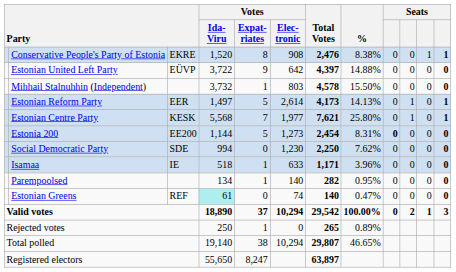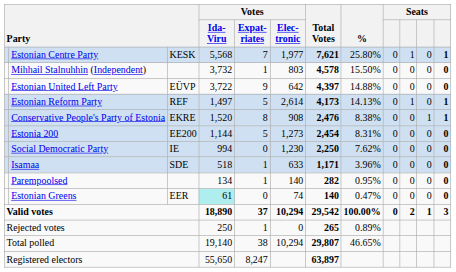 <table class="wikitable" border="1" style="text-align:right;">
 <tr>
 <th style="text-align:left;" valign=bottom rowspan=2 colspan=3>Party</th>
 <th colspan=3>Votes</th>
 <th align=center valign=bottom rowspan=2 width="50">Total Votes</th>
 <th align=center valign=bottom rowspan=2 width="50">%</th>
 <th colspan=4>Seats</th>
 </tr>
 <tr>
 <th align=center valign=bottom width="50"><a href='#'>Ida- Viru</a></th>
 <th align=center valign=bottom width="50"><a href='#'>Expat- riates</a></th>
 <th align=center valign=bottom width="50"><a href='#'>Elec- tronic</a></th>
 <th align=center valign=bottom width="20"><small></small></th>
 <th align=center valign=bottom width="20"><small></small></th>
 <th align=center valign=bottom width="20"><small></small></th>
 <th align=center valign=bottom width="20"><small></small></th>
 </tr>
 <tr style="background:#CEE0F2;">
 <td style="background:"></td>
-<td align=left><a href='#'>Conservative People's Party of Estonia</a></td>
-<td align=left>EKRE</td>
-<td>1,520</td>
-<td>8</td>
-<td>908</td>
-<td><strong>2,476</strong></td>
-<td>8.38%</td>
+<td align=left><a href='#'>Estonian Centre Party</a></td>
+<td align=left>KESK</td>
+<td>5,568</td>
+<td>7</td>
+<td>1,977</td>
+<td><strong>7,621</strong></td>
+<td>25.80%</td>
+<td>0</td>
+<td>1</td>
+<td>0</td>
+<td><strong>1</strong></td>
+</tr>
+<tr>
+<td style="background:"></td>
+<td align=left><a href='#'>Mihhail Stalnuhhin</a> (<a href='#'>Independent</a>)</td>
+<td></td>
+<td>3,732</td>
+<td>1</td>
+<td>803</td>
+<td><strong>4,578</strong></td>
+<td>15.50%</td>
 <td>0</td>
 <td>0</td>
-<td>1</td>
-<td><strong>1</strong></td>
+<td>0</td>
+<td><strong>0</strong></td>
 </tr>
 <tr>
 <td style="background:"></td>
 <td align=left><a href='#'>Estonian United Left Party</a></td>
 <td align=left>EÜVP</td>
 <td>3,722</td>
 <td>9</td>
 <td>642</td>
 <td><strong>4,397</strong></td>
 <td>14.88%</td>
 <td>0</td>
 <td>0</td>
 <td>0</td>
 <td><strong>0</strong></td>
 </tr>
-<tr>
-<td style="background:"></td>
-<td align=left><a href='#'>Mihhail Stalnuhhin</a> (<a href='#'>Independent</a>)</td>
-<td></td>
-<td>3,732</td>
-<td>1</td>
-<td>803</td>
-<td><strong>4,578</strong></td>
-<td>15.50%</td>
-<td>0</td>
-<td>0</td>
-<td>0</td>
-<td><strong>0</strong></td>
-</tr>
 <tr style="background:#CEE0F2;">
 <td style="background:"></td>
 <td align=left><a href='#'>Estonian Reform Party</a></td>
-<td align=left>EER</td>
+<td align=left>REF</td>
 <td>1,497</td>
 <td>5</td>
 <td>2,614</td>
 <td><strong>4,173</strong></td>
 <td>14.13%</td>
 <td>0</td>
 <td>1</td>
 <td>0</td>
 <td><strong>1</strong></td>
 </tr>
 <tr style="background:#CEE0F2;">
 <td style="background:"></td>
-<td align=left><a href='#'>Estonian Centre Party</a></td>
-<td align=left>KESK</td>
-<td>5,568</td>
-<td>7</td>
-<td>1,977</td>
-<td><strong>7,621</strong></td>
-<td>25.80%</td>
+<td align=left><a href='#'>Conservative People's Party of Estonia</a></td>
+<td align=left>EKRE</td>
+<td>1,520</td>
+<td>8</td>
+<td>908</td>
+<td><strong>2,476</strong></td>
+<td>8.38%</td>
+<td>0</td>
 <td>0</td>
 <td>1</td>
-<td>0</td>
 <td><strong>1</strong></td>
 </tr>
 <tr style="background:#CEE0F2;">
 <td style="background:"></td>
 <td align=left><a href='#'>Estonia 200</a></td>
 <td align=left>EE200</td>
 <td>1,144</td>
 <td>5</td>
 <td>1,273</td>
 <td><strong>2,454</strong></td>
 <td>8.31%</td>
-<td><strong>0</strong></td>
+<td>0</td>
 <td>0</td>
 <td>0</td>
 <td><strong>0</strong></td>
 </tr>
 <tr style="background:#CEE0F2;">
 <td style="background:"></td>
 <td align=left><a href='#'>Social Democratic Party</a></td>
-<td align=left>SDE</td>
+<td align=left>IE</td>
 <td>994</td>
 <td>0</td>
 <td>1,230</td>
 <td><strong>2,250</strong></td>
 <td>7.62%</td>
 <td>0</td>
 <td>0</td>
 <td>0</td>
 <td><strong>0</strong></td>
 </tr>
 <tr style="background:#CEE0F2;">
 <td style="background:"></td>
 <td align=left><a href='#'>Isamaa</a></td>
-<td align=left>IE</td>
+<td align=left>SDE</td>
 <td>518</td>
 <td>1</td>
 <td>633</td>
 <td><strong>1,171</strong></td>
 <td>3.96%</td>
 <td>0</td>
 <td>0</td>
 <td>0</td>
 <td><strong>0</strong></td>
 </tr>
 <tr>
 <td style="background:"></td>
 <td align=left><a href='#'>Parempoolsed</a></td>
 <td align=left></td>
 <td>134</td>
 <td>1</td>
 <td>140</td>
 <td><strong>282</strong></td>
 <td>0.95%</td>
 <td>0</td>
 <td>0</td>
 <td>0</td>
 <td><strong>0</strong></td>
 </tr>
 <tr>
 <td style="background:"></td>
 <td align=left><a href='#'>Estonian Greens</a></td>
-<td align=left>REF</td>
+<td align=left>EER</td>
 <td style="background: paleturquoise;">61</td>
 <td>0</td>
 <td>74</td>
 <td><strong>140</strong></td>
 <td>0.47%</td>
 <td>0</td>
 <td>0</td>
 <td>0</td>
 <td><strong>0</strong></td>
 </tr>
 <tr style="font-weight:bold">
 <td align=left colspan=3>Valid votes</td>
 <td>18,890</td>
 <td>37</td>
 <td>10,294</td>
 <td>29,542</td>
 <td>100.00%</td>
 <td>0</td>
 <td>2</td>
 <td>1</td>
 <td>3</td>
 </tr>
 <tr>
 <td align=left colspan=3>Rejected votes</td>
 <td>250</td>
 <td>1</td>
 <td>0</td>
 <td><strong>265</strong></td>
 <td>0.89%</td>
 <td></td>
 <td></td>
 <td></td>
 <td></td>
 </tr>
 <tr>
 <td align=left colspan=3>Total polled</td>
 <td>19,140</td>
 <td>38</td>
 <td>10,294</td>
 <td><strong>29,807</strong></td>
 <td>46.65%</td>
 <td></td>
 <td></td>
 <td></td>
 <td></td>
 </tr>
 <tr>
 <td align=left colspan=3>Registered electors</td>
 <td>55,650</td>
 <td>8,247</td>
 <td></td>
 <td><strong>63,897</strong></td>
 <td></td>
 <td></td>
 <td></td>
 <td></td>
 <td></td>
 </tr>
 </table>
